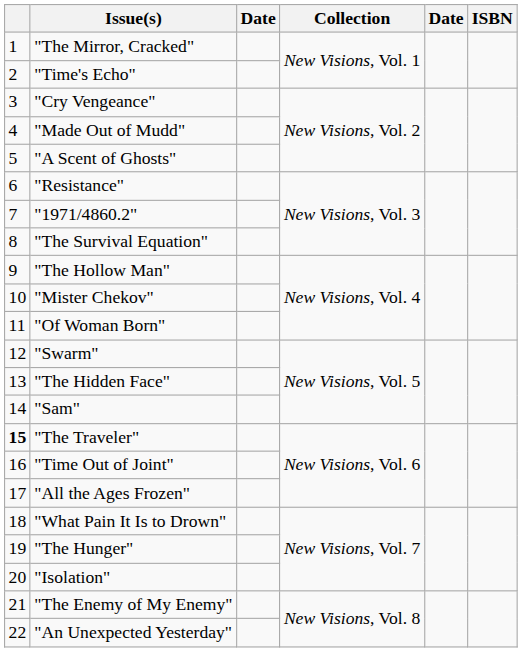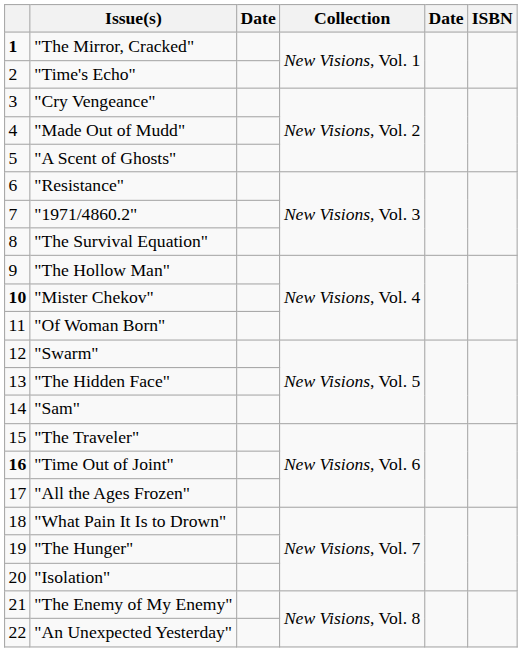 <table class="wikitable">
 <tr>
 <th></th>
 <th>Issue(s)</th>
 <th>Date</th>
 <th>Collection</th>
 <th>Date</th>
 <th>ISBN</th>
 </tr>
 <tr>
-<td>1</td>
+<td><strong>1</strong></td>
 <td>"The Mirror, Cracked"</td>
 <td></td>
 <td rowspan="2"><em>New Visions</em>, Vol. 1</td>
 <td rowspan="2"></td>
 <td rowspan="2"></td>
 </tr>
 <tr>
 <td>2</td>
 <td>"Time's Echo"</td>
 <td></td>
 </tr>
 <tr>
 <td>3</td>
 <td>"Cry Vengeance"</td>
 <td></td>
 <td rowspan="3"><em>New Visions</em>, Vol. 2</td>
 <td rowspan="3"></td>
 <td rowspan="3"></td>
 </tr>
 <tr>
 <td>4</td>
 <td>"Made Out of Mudd"</td>
 <td></td>
 </tr>
 <tr>
 <td>5</td>
 <td>"A Scent of Ghosts"</td>
 <td></td>
 </tr>
 <tr>
 <td>6</td>
 <td>"Resistance"</td>
 <td></td>
 <td rowspan="3"><em>New Visions</em>, Vol. 3</td>
 <td rowspan="3"></td>
 <td rowspan="3"></td>
 </tr>
 <tr>
 <td>7</td>
 <td>"1971/4860.2"</td>
 <td></td>
 </tr>
 <tr>
 <td>8</td>
 <td>"The Survival Equation"</td>
 <td></td>
 </tr>
 <tr>
 <td>9</td>
 <td>"The Hollow Man"</td>
 <td></td>
 <td rowspan="3"><em>New Visions</em>, Vol. 4</td>
 <td rowspan="3"></td>
 <td rowspan="3"></td>
 </tr>
 <tr>
-<td>10</td>
+<td><strong>10</strong></td>
 <td>"Mister Chekov"</td>
 <td></td>
 </tr>
 <tr>
 <td>11</td>
 <td>"Of Woman Born"</td>
 <td></td>
 </tr>
 <tr>
 <td>12</td>
 <td>"Swarm"</td>
 <td></td>
 <td rowspan="3"><em>New Visions</em>, Vol. 5</td>
 <td rowspan="3"></td>
 <td rowspan="3"></td>
 </tr>
 <tr>
 <td>13</td>
 <td>"The Hidden Face"</td>
 <td></td>
 </tr>
 <tr>
 <td>14</td>
 <td>"Sam"</td>
 <td></td>
 </tr>
 <tr>
-<td><strong>15</strong></td>
+<td>15</td>
 <td>"The Traveler"</td>
 <td></td>
 <td rowspan="3"><em>New Visions</em>, Vol. 6</td>
 <td rowspan="3"></td>
 <td rowspan="3"></td>
 </tr>
 <tr>
-<td>16</td>
+<td><strong>16</strong></td>
 <td>"Time Out of Joint"</td>
 <td></td>
 </tr>
 <tr>
 <td>17</td>
 <td>"All the Ages Frozen"</td>
 <td></td>
 </tr>
 <tr>
 <td>18</td>
 <td>"What Pain It Is to Drown"</td>
 <td></td>
 <td rowspan="3"><em>New Visions</em>, Vol. 7</td>
 <td rowspan="3"></td>
 <td rowspan="3"></td>
 </tr>
 <tr>
 <td>19</td>
 <td>"The Hunger"</td>
 <td></td>
 </tr>
 <tr>
 <td>20</td>
 <td>"Isolation"</td>
 <td></td>
 </tr>
 <tr>
 <td>21</td>
 <td>"The Enemy of My Enemy"</td>
 <td></td>
 <td rowspan="2"><em>New Visions</em>, Vol. 8</td>
 <td rowspan="2"></td>
 <td rowspan="2"></td>
 </tr>
 <tr>
 <td>22</td>
 <td>"An Unexpected Yesterday"</td>
 <td></td>
 </tr>
 </table>
